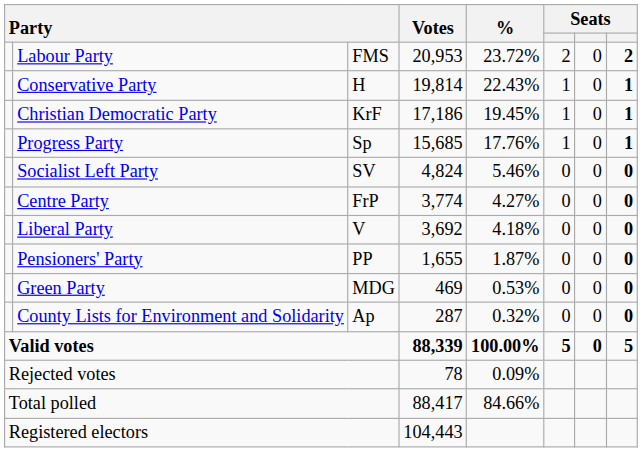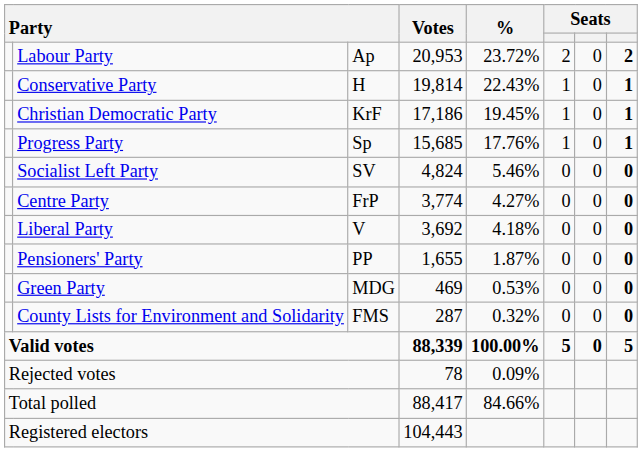 <table class="wikitable" border="1" style="text-align:right;">
 <tr>
 <th style="text-align:left;" valign=bottom rowspan=2 colspan=3>Party</th>
 <th align=center valign=bottom rowspan=2 width="50">Votes</th>
 <th align=center valign=bottom rowspan=2 width="50">%</th>
 <th colspan=3>Seats</th>
 </tr>
 <tr>
 <th align=center valign=bottom width="20"><small></small></th>
 <th align=center valign=bottom width="20"><small><a href='#'></a></small></th>
 <th align=center valign=bottom width="20"><small></small></th>
 </tr>
 <tr>
 <td style="color:inherit;background:"></td>
 <td align=left><a href='#'>Labour Party</a></td>
-<td align=left>FMS</td>
+<td align=left>Ap</td>
 <td>20,953</td>
 <td>23.72%</td>
 <td>2</td>
 <td>0</td>
 <td><strong>2</strong></td>
 </tr>
 <tr>
 <td style="color:inherit;background:"></td>
 <td align=left><a href='#'>Conservative Party</a></td>
 <td align=left>H</td>
 <td>19,814</td>
 <td>22.43%</td>
 <td>1</td>
 <td>0</td>
 <td><strong>1</strong></td>
 </tr>
 <tr>
 <td style="color:inherit;background:"></td>
 <td align=left><a href='#'>Christian Democratic Party</a></td>
 <td align=left>KrF</td>
 <td>17,186</td>
 <td>19.45%</td>
 <td>1</td>
 <td>0</td>
 <td><strong>1</strong></td>
 </tr>
 <tr>
 <td style="color:inherit;background:"></td>
 <td align=left><a href='#'>Progress Party</a></td>
 <td align=left>Sp</td>
 <td>15,685</td>
 <td>17.76%</td>
 <td>1</td>
 <td>0</td>
 <td><strong>1</strong></td>
 </tr>
 <tr>
 <td style="color:inherit;background:"></td>
 <td align=left><a href='#'>Socialist Left Party</a></td>
 <td align=left>SV</td>
 <td>4,824</td>
 <td>5.46%</td>
 <td>0</td>
 <td>0</td>
 <td><strong>0</strong></td>
 </tr>
 <tr>
 <td style="color:inherit;background:"></td>
 <td align=left><a href='#'>Centre Party</a></td>
 <td align=left>FrP</td>
 <td>3,774</td>
 <td>4.27%</td>
 <td>0</td>
 <td>0</td>
 <td><strong>0</strong></td>
 </tr>
 <tr>
 <td style="color:inherit;background:"></td>
 <td align=left><a href='#'>Liberal Party</a></td>
 <td align=left>V</td>
 <td>3,692</td>
 <td>4.18%</td>
 <td>0</td>
 <td>0</td>
 <td><strong>0</strong></td>
 </tr>
 <tr>
 <td style="color:inherit;background:"></td>
 <td align=left><a href='#'>Pensioners' Party</a></td>
 <td align=left>PP</td>
 <td>1,655</td>
 <td>1.87%</td>
 <td>0</td>
 <td>0</td>
 <td><strong>0</strong></td>
 </tr>
 <tr>
 <td style="color:inherit;background:"></td>
 <td align=left><a href='#'>Green Party</a></td>
 <td align=left>MDG</td>
 <td>469</td>
 <td>0.53%</td>
 <td>0</td>
 <td>0</td>
 <td><strong>0</strong></td>
 </tr>
 <tr>
 <td></td>
 <td align=left><a href='#'>County Lists for Environment and Solidarity</a></td>
-<td align=left>Ap</td>
+<td align=left>FMS</td>
 <td>287</td>
 <td>0.32%</td>
 <td>0</td>
 <td>0</td>
 <td><strong>0</strong></td>
 </tr>
 <tr style="font-weight:bold">
 <td align=left colspan=3>Valid votes</td>
 <td>88,339</td>
 <td>100.00%</td>
 <td>5</td>
 <td>0</td>
 <td>5</td>
 </tr>
 <tr>
 <td align=left colspan=3>Rejected votes</td>
 <td>78</td>
 <td>0.09%</td>
 <td></td>
 <td></td>
 <td></td>
 </tr>
 <tr>
 <td align=left colspan=3>Total polled</td>
 <td>88,417</td>
 <td>84.66%</td>
 <td></td>
 <td></td>
 <td></td>
 </tr>
 <tr>
 <td align=left colspan=3>Registered electors</td>
 <td>104,443</td>
 <td></td>
 <td></td>
 <td></td>
 <td></td>
 </tr>
 </table>
